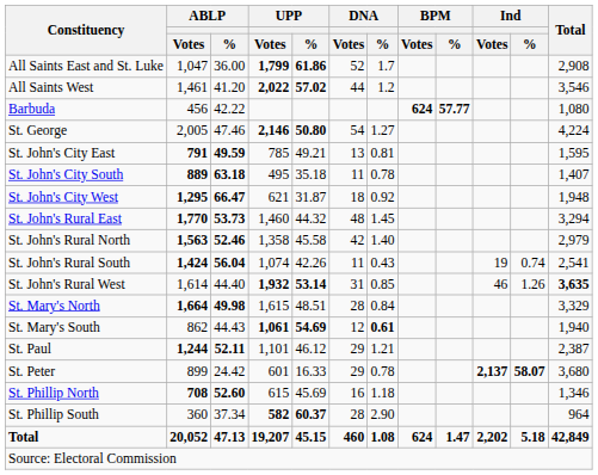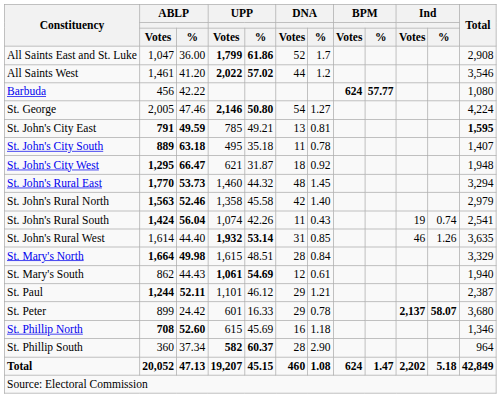 <table class="wikitable sortable" style="text-align:right">
 <tr>
 <th rowspan="3">Constituency</th>
 <th colspan="2">ABLP</th>
 <th colspan="2">UPP</th>
 <th colspan="2">DNA</th>
 <th colspan="2">BPM</th>
 <th colspan="2">Ind</th>
 <th rowspan="3">Total</th>
 </tr>
 <tr>
 <th colspan="2" style="background:"></th>
 <th colspan="2" style="background:"></th>
 <th colspan="2" style="background:"></th>
 <th colspan="2" style="background:"></th>
 <th colspan="2" style="background:"></th>
 </tr>
 <tr>
 <th>Votes</th>
 <th>%</th>
 <th>Votes</th>
 <th>%</th>
 <th>Votes</th>
 <th>%</th>
 <th>Votes</th>
 <th>%</th>
 <th>Votes</th>
 <th>%</th>
 </tr>
 <tr>
 <td align="left">All Saints East and St. Luke</td>
 <td>1,047</td>
 <td>36.00</td>
 <td><strong>1,799</strong></td>
 <td><strong>61.86</strong></td>
 <td>52</td>
 <td>1.7</td>
 <td></td>
 <td></td>
 <td></td>
 <td></td>
 <td>2,908</td>
 </tr>
 <tr>
 <td align="left">All Saints West</td>
 <td>1,461</td>
 <td>41.20</td>
 <td><strong>2,022</strong></td>
 <td><strong>57.02</strong></td>
 <td>44</td>
 <td>1.2</td>
 <td></td>
 <td></td>
 <td></td>
 <td></td>
 <td>3,546</td>
 </tr>
 <tr>
 <td align="left"><a href='#'>Barbuda</a></td>
 <td>456</td>
 <td>42.22</td>
 <td></td>
 <td></td>
 <td></td>
 <td></td>
 <td><strong>624</strong></td>
 <td><strong>57.77</strong></td>
 <td></td>
 <td></td>
 <td>1,080</td>
 </tr>
 <tr>
 <td align="left">St. George</td>
 <td>2,005</td>
 <td>47.46</td>
 <td><strong>2,146</strong></td>
 <td><strong>50.80</strong></td>
 <td>54</td>
 <td>1.27</td>
 <td></td>
 <td></td>
 <td></td>
 <td></td>
 <td>4,224</td>
 </tr>
 <tr>
 <td align="left">St. John's City East</td>
 <td><strong>791</strong></td>
 <td><strong>49.59</strong></td>
 <td>785</td>
 <td>49.21</td>
 <td>13</td>
 <td>0.81</td>
 <td></td>
 <td></td>
 <td></td>
 <td></td>
-<td>1,595</td>
+<td><strong>1,595</strong></td>
 </tr>
 <tr>
 <td align="left"><a href='#'>St. John's City South</a></td>
 <td><strong>889</strong></td>
 <td><strong>63.18</strong></td>
 <td>495</td>
 <td>35.18</td>
 <td>11</td>
 <td>0.78</td>
 <td></td>
 <td></td>
 <td></td>
 <td></td>
 <td>1,407</td>
 </tr>
 <tr>
 <td align="left"><a href='#'>St. John's City West</a></td>
 <td><strong>1,295</strong></td>
 <td><strong>66.47</strong></td>
 <td>621</td>
 <td>31.87</td>
 <td>18</td>
 <td>0.92</td>
 <td></td>
 <td></td>
 <td></td>
 <td></td>
 <td>1,948</td>
 </tr>
 <tr>
 <td align="left"><a href='#'>St. John's Rural East</a></td>
 <td><strong>1,770</strong></td>
 <td><strong>53.73</strong></td>
 <td>1,460</td>
 <td>44.32</td>
 <td>48</td>
 <td>1.45</td>
 <td></td>
 <td></td>
 <td></td>
 <td></td>
 <td>3,294</td>
 </tr>
 <tr>
 <td align="left">St. John's Rural North</td>
 <td><strong>1,563</strong></td>
 <td><strong>52.46</strong></td>
 <td>1,358</td>
 <td>45.58</td>
 <td>42</td>
 <td>1.40</td>
 <td></td>
 <td></td>
 <td></td>
 <td></td>
 <td>2,979</td>
 </tr>
 <tr>
 <td align="left">St. John's Rural South</td>
 <td><strong>1,424</strong></td>
 <td><strong>56.04</strong></td>
 <td>1,074</td>
 <td>42.26</td>
 <td>11</td>
 <td>0.43</td>
 <td></td>
 <td></td>
 <td>19</td>
 <td>0.74</td>
 <td>2,541</td>
 </tr>
 <tr>
 <td align="left">St. John's Rural West</td>
 <td>1,614</td>
 <td>44.40</td>
 <td><strong>1,932</strong></td>
 <td><strong>53.14</strong></td>
 <td>31</td>
 <td>0.85</td>
 <td></td>
 <td></td>
 <td>46</td>
 <td>1.26</td>
-<td><strong>3,635</strong></td>
+<td>3,635</td>
 </tr>
 <tr>
 <td align="left"><a href='#'>St. Mary's North</a></td>
 <td><strong>1,664</strong></td>
 <td><strong>49.98</strong></td>
 <td>1,615</td>
 <td>48.51</td>
 <td>28</td>
 <td>0.84</td>
 <td></td>
 <td></td>
 <td></td>
 <td></td>
 <td>3,329</td>
 </tr>
 <tr>
 <td align="left">St. Mary's South</td>
 <td>862</td>
 <td>44.43</td>
 <td><strong>1,061</strong></td>
 <td><strong>54.69</strong></td>
 <td>12</td>
-<td><strong>0.61</strong></td>
+<td>0.61</td>
 <td></td>
 <td></td>
 <td></td>
 <td></td>
 <td>1,940</td>
 </tr>
 <tr>
 <td align="left">St. Paul</td>
 <td><strong>1,244</strong></td>
 <td><strong>52.11</strong></td>
 <td>1,101</td>
 <td>46.12</td>
 <td>29</td>
 <td>1.21</td>
 <td></td>
 <td></td>
 <td></td>
 <td></td>
 <td>2,387</td>
 </tr>
 <tr>
 <td align="left">St. Peter</td>
 <td>899</td>
 <td>24.42</td>
 <td>601</td>
 <td>16.33</td>
 <td>29</td>
 <td>0.78</td>
 <td></td>
 <td></td>
 <td><strong>2,137</strong></td>
 <td><strong>58.07</strong></td>
 <td>3,680</td>
 </tr>
 <tr>
 <td align="left"><a href='#'>St. Phillip North</a></td>
 <td><strong>708</strong></td>
 <td><strong>52.60</strong></td>
 <td>615</td>
 <td>45.69</td>
 <td>16</td>
 <td>1.18</td>
 <td></td>
 <td></td>
 <td></td>
 <td></td>
 <td>1,346</td>
 </tr>
 <tr>
 <td align="left">St. Phillip South</td>
 <td>360</td>
 <td>37.34</td>
 <td><strong>582</strong></td>
 <td><strong>60.37</strong></td>
 <td>28</td>
 <td>2.90</td>
 <td></td>
 <td></td>
 <td></td>
 <td></td>
 <td>964</td>
 </tr>
 <tr class=sortbottom>
 <td align="left"><strong>Total</strong></td>
 <td><strong>20,052</strong></td>
 <td><strong>47.13</strong></td>
 <td><strong>19,207</strong></td>
 <td><strong>45.15</strong></td>
 <td><strong>460</strong></td>
 <td><strong>1.08</strong></td>
 <td><strong>624</strong></td>
 <td><strong>1.47</strong></td>
 <td><strong>2,202</strong></td>
 <td><strong>5.18</strong></td>
 <td><strong>42,849</strong></td>
 </tr>
 <tr class=sortbottom>
 <td align="left" colspan="12">Source: Electoral Commission</td>
 </tr>
 </table>
